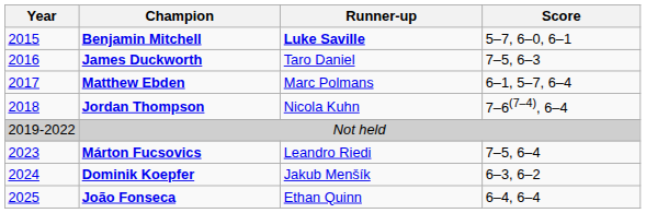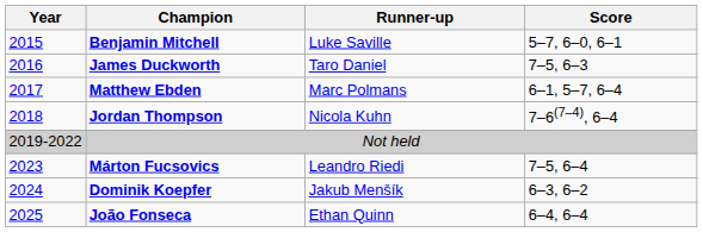 <table class="wikitable" style="font-size:90%">
 <tr>
 <th>Year</th>
 <th width="200">Champion</th>
 <th width="200">Runner-up</th>
 <th width="155">Score</th>
 </tr>
 <tr>
 <td><a href='#'>2015</a></td>
 <td> <strong><a href='#'>Benjamin Mitchell</a></strong></td>
-<td><strong> <a href='#'>Luke Saville</a></strong></td>
+<td> <a href='#'>Luke Saville</a></td>
 <td>5–7, 6–0, 6–1</td>
 </tr>
 <tr>
 <td><a href='#'>2016</a></td>
 <td> <strong><a href='#'>James Duckworth</a></strong></td>
 <td> <a href='#'>Taro Daniel</a></td>
 <td>7–5, 6–3</td>
 </tr>
 <tr>
 <td><a href='#'>2017</a></td>
 <td> <strong><a href='#'>Matthew Ebden</a></strong></td>
 <td> <a href='#'>Marc Polmans</a></td>
 <td>6–1, 5–7, 6–4</td>
 </tr>
 <tr>
 <td><a href='#'>2018</a></td>
 <td> <strong><a href='#'>Jordan Thompson</a></strong></td>
 <td> <a href='#'>Nicola Kuhn</a></td>
 <td>7–6<sup>(7–4)</sup>, 6–4</td>
 </tr>
 <tr>
 <td style="background:#cfcfcf">2019-2022</td>
 <td colspan=3 align=center style="background:#cfcfcf"><em>Not held</em></td>
 </tr>
 <tr>
 <td><a href='#'>2023</a></td>
 <td> <strong><a href='#'>Márton Fucsovics</a></strong></td>
 <td> <a href='#'>Leandro Riedi</a></td>
 <td>7–5, 6–4</td>
 </tr>
 <tr>
 <td><a href='#'>2024</a></td>
 <td> <strong><a href='#'>Dominik Koepfer</a></strong></td>
 <td> <a href='#'>Jakub Menšík</a></td>
 <td>6–3, 6–2</td>
 </tr>
 <tr>
 <td><a href='#'>2025</a></td>
 <td> <strong><a href='#'>João Fonseca</a></strong></td>
 <td> <a href='#'>Ethan Quinn</a></td>
 <td>6–4, 6–4</td>
 </tr>
 </table>
